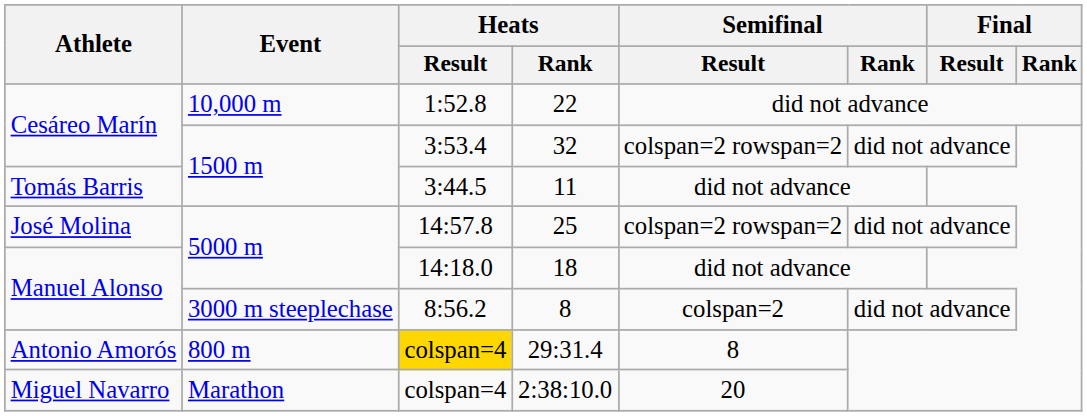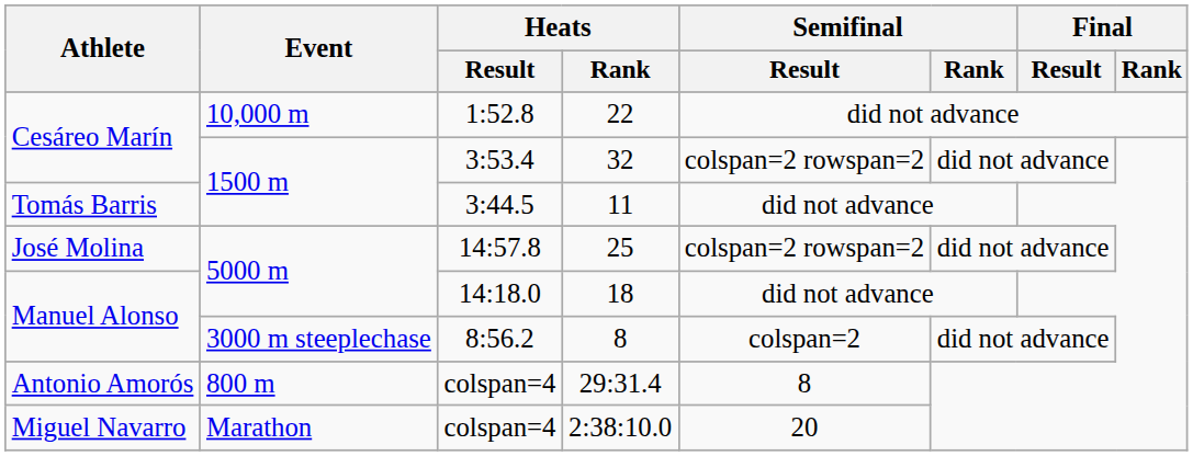 <table class="wikitable" style="font-size:90%">
 <tr>
 <th rowspan="2">Athlete</th>
 <th rowspan="2">Event</th>
 <th colspan="2">Heats</th>
 <th colspan="2">Semifinal</th>
 <th colspan="2">Final</th>
 </tr>
 <tr style="font-size:95%">
 <th>Result</th>
 <th>Rank</th>
 <th>Result</th>
 <th>Rank</th>
 <th>Result</th>
 <th>Rank</th>
 </tr>
 <tr align=center>
 <td align=left rowspan=2><a href='#'>Cesáreo Marín</a></td>
 <td align=left><a href='#'>10,000 m</a></td>
 <td>1:52.8</td>
 <td>22</td>
 <td colspan=4>did not advance</td>
 </tr>
 <tr align=center>
 <td align=left rowspan=2><a href='#'>1500 m</a></td>
 <td>3:53.4</td>
 <td>32</td>
 <td>colspan=2 rowspan=2 </td>
 <td colspan=2>did not advance</td>
 </tr>
 <tr align=center>
 <td align=left><a href='#'>Tomás Barris</a></td>
 <td>3:44.5</td>
 <td>11</td>
 <td colspan=2>did not advance</td>
 </tr>
 <tr align=center>
 <td align=left><a href='#'>José Molina</a></td>
 <td align=left rowspan=2><a href='#'>5000 m</a></td>
 <td>14:57.8</td>
 <td>25</td>
 <td>colspan=2 rowspan=2 </td>
 <td colspan=2>did not advance</td>
 </tr>
 <tr align=center>
 <td align=left rowspan=2><a href='#'>Manuel Alonso</a></td>
 <td>14:18.0</td>
 <td>18</td>
 <td colspan=2>did not advance</td>
 </tr>
 <tr align=center>
 <td align=left><a href='#'>3000 m steeplechase</a></td>
 <td>8:56.2</td>
 <td>8</td>
 <td>colspan=2 </td>
 <td colspan=2>did not advance</td>
 </tr>
 <tr align=center>
 <td align=left><a href='#'>Antonio Amorós</a></td>
 <td align=left><a href='#'>800 m</a></td>
-<td style="background: gold;">colspan=4 </td>
+<td>colspan=4 </td>
 <td>29:31.4</td>
 <td>8</td>
 </tr>
 <tr align=center>
 <td align=left><a href='#'>Miguel Navarro</a></td>
 <td align=left><a href='#'>Marathon</a></td>
 <td>colspan=4 </td>
 <td>2:38:10.0</td>
 <td>20</td>
 </tr>
 </table>
